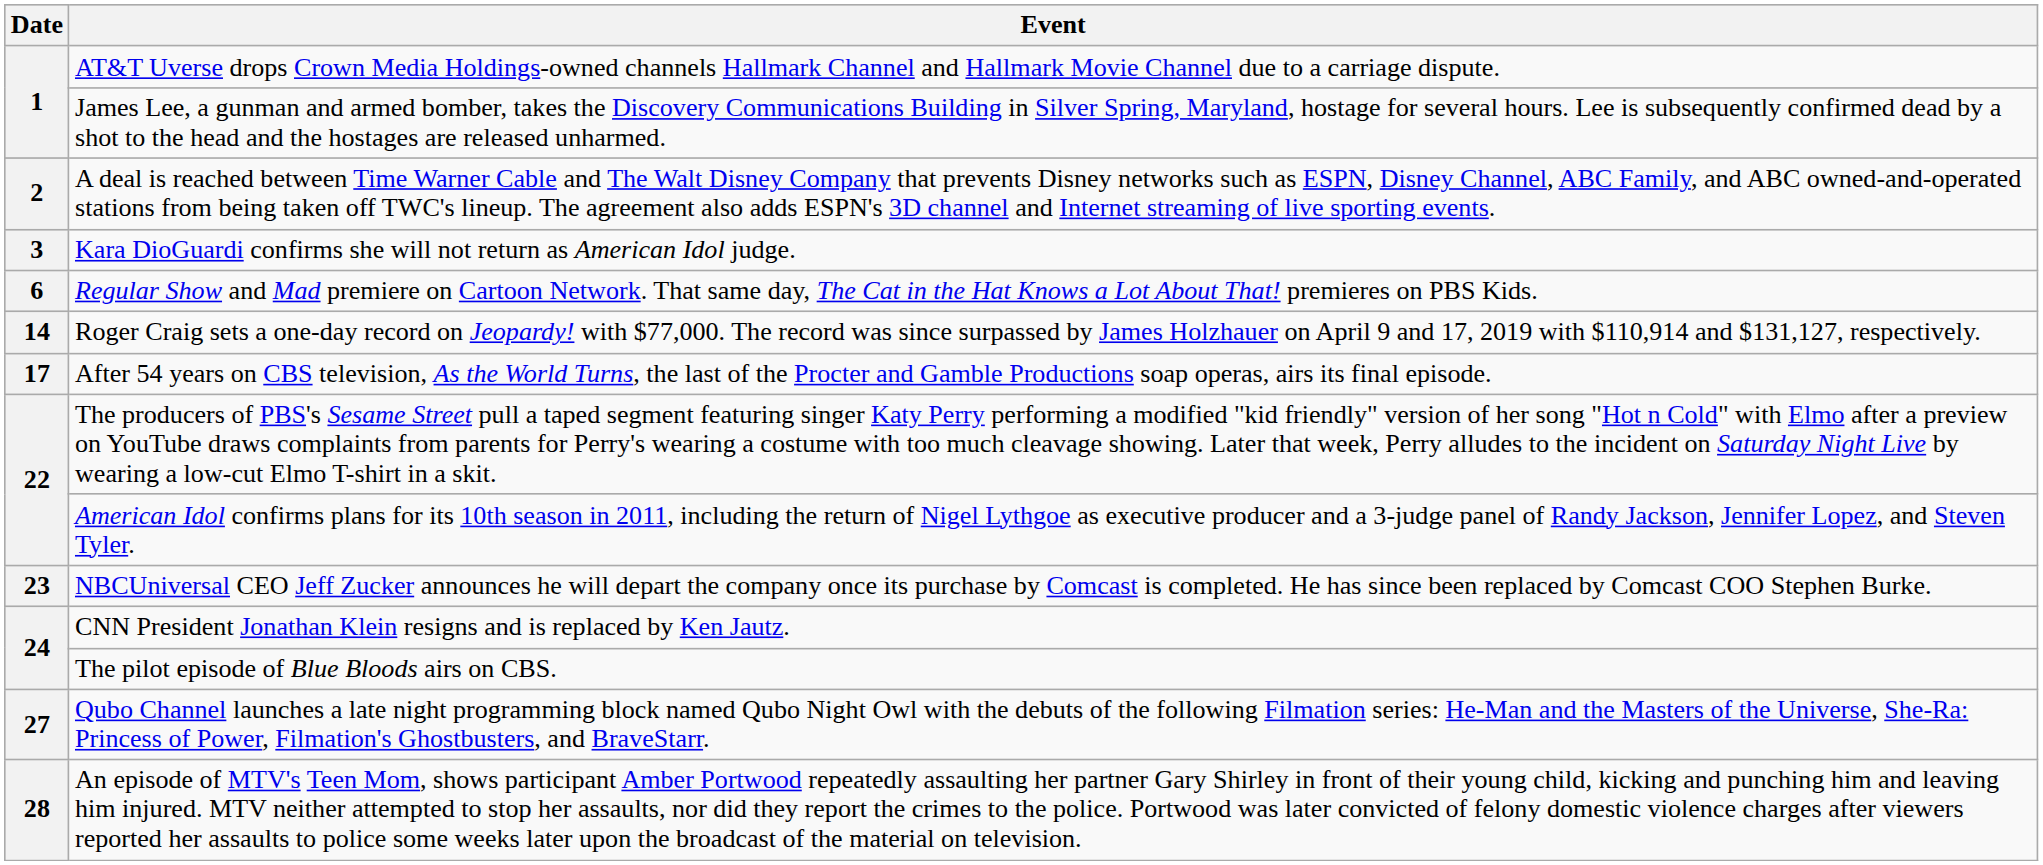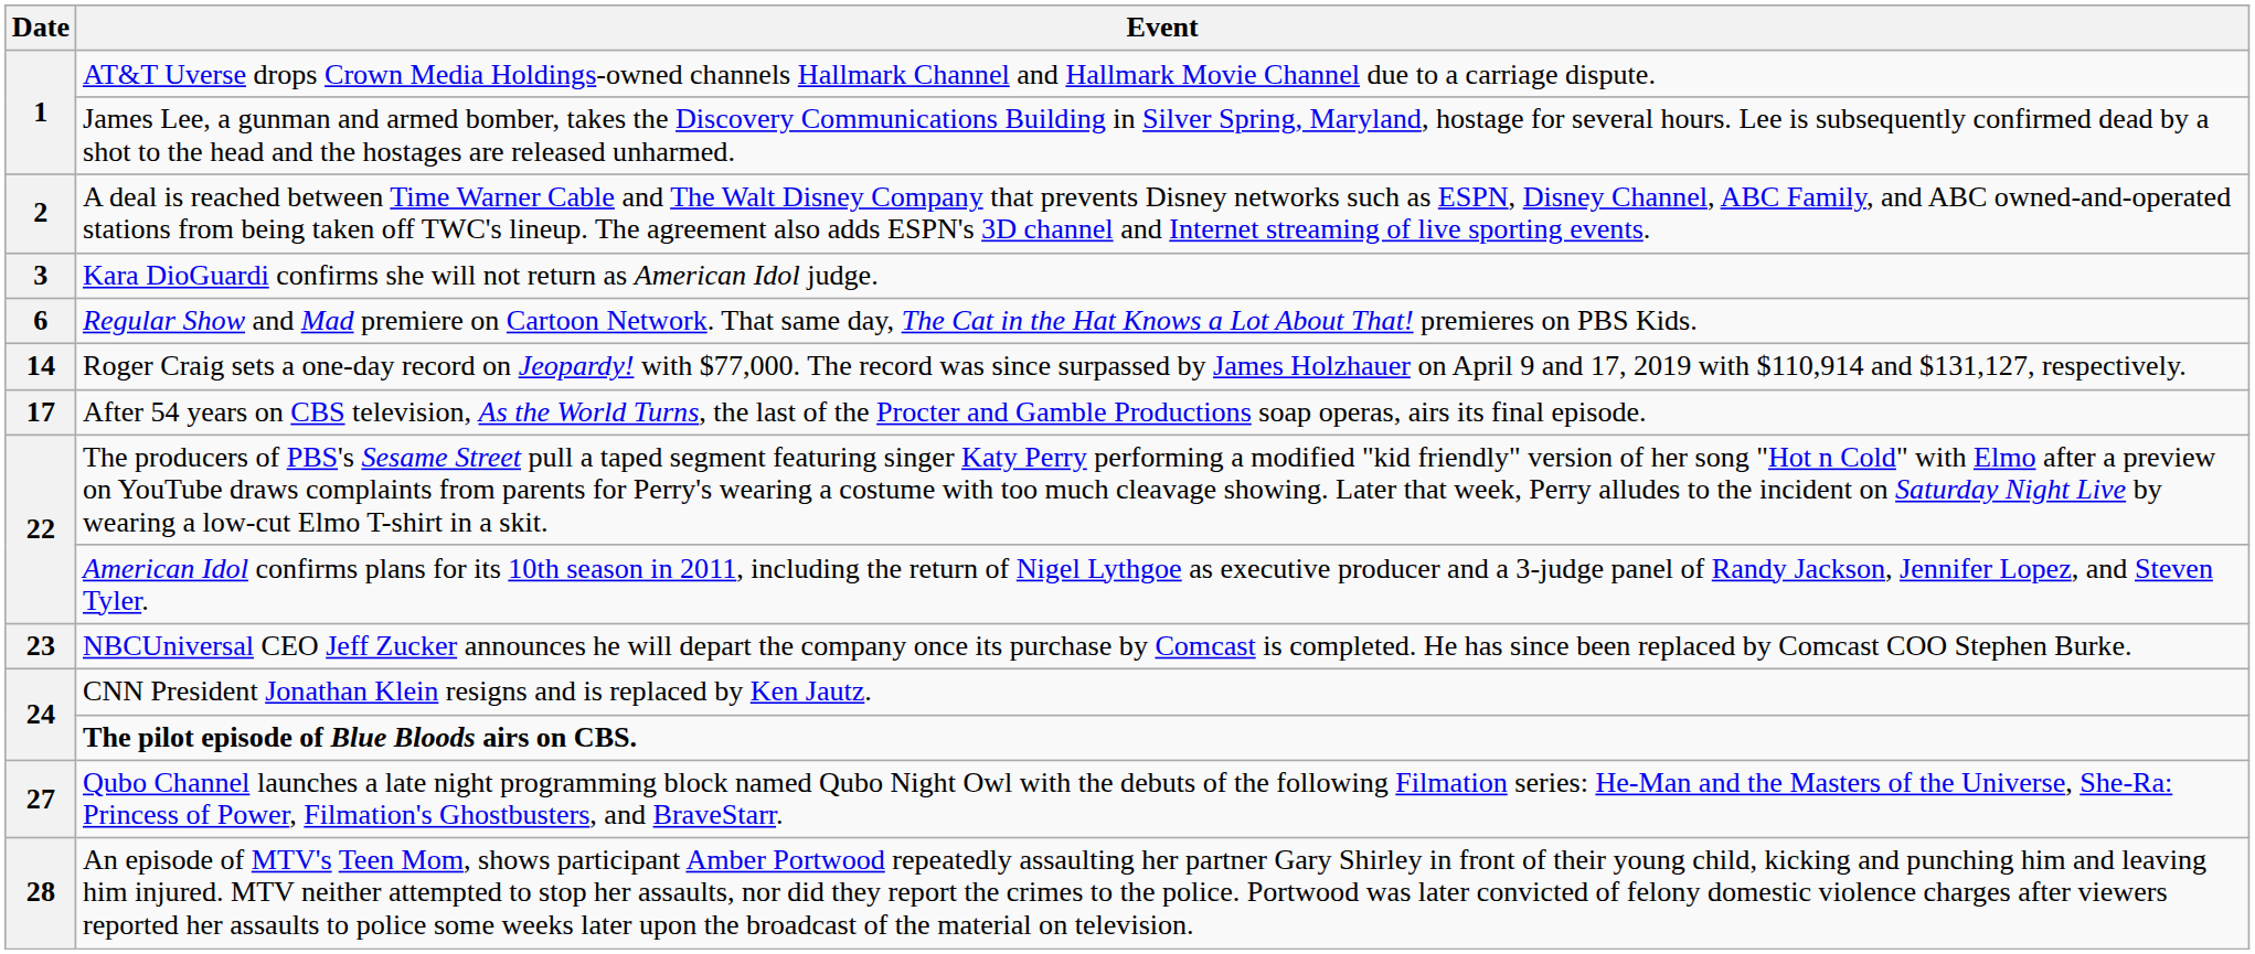 <table class="wikitable">
 <tr>
 <th>Date</th>
 <th>Event</th>
 </tr>
 <tr>
 <th style="text-align:center;" rowspan="2"><strong>1</strong></th>
 <td><a href='#'>AT&T Uverse</a> drops <a href='#'>Crown Media Holdings</a>-owned channels <a href='#'>Hallmark Channel</a> and <a href='#'>Hallmark Movie Channel</a> due to a carriage dispute.</td>
 </tr>
 <tr>
 <td>James Lee, a gunman and armed bomber, takes the <a href='#'>Discovery Communications Building</a> in <a href='#'>Silver Spring, Maryland</a>, hostage for several hours. Lee is subsequently confirmed dead by a shot to the head and the hostages are released unharmed.</td>
 </tr>
 <tr>
 <th style="text-align:center;"><strong>2</strong></th>
 <td>A deal is reached between <a href='#'>Time Warner Cable</a> and <a href='#'>The Walt Disney Company</a> that prevents Disney networks such as <a href='#'>ESPN</a>, <a href='#'>Disney Channel</a>, <a href='#'>ABC Family</a>, and ABC owned-and-operated stations from being taken off TWC's lineup. The agreement also adds ESPN's <a href='#'>3D channel</a> and <a href='#'>Internet streaming of live sporting events</a>.</td>
 </tr>
 <tr>
 <th style="text-align:center;"><strong>3</strong></th>
 <td><a href='#'>Kara DioGuardi</a> confirms she will not return as <em>American Idol</em> judge.</td>
 </tr>
 <tr>
 <th style="text-align:center;"><strong>6</strong></th>
 <td><em><a href='#'>Regular Show</a></em> and <em><a href='#'>Mad</a></em> premiere on <a href='#'>Cartoon Network</a>. That same day, <em><a href='#'>The Cat in the Hat Knows a Lot About That!</a></em> premieres on PBS Kids.</td>
 </tr>
 <tr>
 <th style="text-align:center;"><strong>14</strong></th>
 <td>Roger Craig sets a one-day record on <em><a href='#'>Jeopardy!</a></em> with $77,000. The record was since surpassed by <a href='#'>James Holzhauer</a> on April 9 and 17, 2019 with $110,914 and $131,127, respectively.</td>
 </tr>
 <tr>
 <th style="text-align:center;"><strong>17</strong></th>
 <td>After 54 years on <a href='#'>CBS</a> television, <em><a href='#'>As the World Turns</a></em>, the last of the <a href='#'>Procter and Gamble Productions</a> soap operas, airs its final episode.</td>
 </tr>
 <tr>
 <th style="text-align:center;" rowspan="2"><strong>22</strong></th>
 <td>The producers of <a href='#'>PBS</a>'s <em><a href='#'>Sesame Street</a></em> pull a taped segment featuring singer <a href='#'>Katy Perry</a> performing a modified "kid friendly" version of her song "<a href='#'>Hot n Cold</a>" with <a href='#'>Elmo</a> after a preview on YouTube draws complaints from parents for Perry's wearing a costume with too much cleavage showing.  Later that week, Perry alludes to the incident on <em><a href='#'>Saturday Night Live</a></em> by wearing a low-cut Elmo T-shirt in a skit.</td>
 </tr>
 <tr>
 <td><em><a href='#'>American Idol</a></em> confirms plans for its <a href='#'>10th season in 2011</a>, including the return of <a href='#'>Nigel Lythgoe</a> as executive producer and a 3-judge panel of <a href='#'>Randy Jackson</a>, <a href='#'>Jennifer Lopez</a>, and <a href='#'>Steven Tyler</a>.</td>
 </tr>
 <tr>
 <th style="text-align:center;"><strong>23</strong></th>
 <td><a href='#'>NBCUniversal</a> CEO <a href='#'>Jeff Zucker</a> announces he will depart the company once its purchase by <a href='#'>Comcast</a> is completed. He has since been replaced by Comcast COO Stephen Burke.</td>
 </tr>
 <tr>
 <th style="text-align:center;" rowspan="2"><strong>24</strong></th>
 <td>CNN President <a href='#'>Jonathan Klein</a> resigns and is replaced by <a href='#'>Ken Jautz</a>.</td>
 </tr>
 <tr>
-<td>The pilot episode of <em>Blue Bloods</em> airs on CBS.</td>
+<td><strong>The pilot episode of <em>Blue Bloods</em> airs on CBS.</strong></td>
 </tr>
 <tr>
 <th style="text-align:center;"><strong>27</strong></th>
 <td><a href='#'>Qubo Channel</a> launches a late night programming block named Qubo Night Owl with the debuts of the following <a href='#'>Filmation</a> series: <a href='#'>He-Man and the Masters of the Universe</a>, <a href='#'>She-Ra: Princess of Power</a>, <a href='#'>Filmation's Ghostbusters</a>, and <a href='#'>BraveStarr</a>.</td>
 </tr>
 <tr>
 <th style="text-align:center;"><strong>28</strong></th>
 <td>An episode of <a href='#'>MTV's</a> <a href='#'>Teen Mom</a>, shows participant <a href='#'>Amber Portwood</a> repeatedly assaulting her partner Gary Shirley in front of their young child, kicking and punching him and leaving him injured. MTV neither attempted to stop her assaults, nor did they report the crimes to the police. Portwood was later convicted of felony domestic violence charges after viewers reported her assaults to police some weeks later upon the broadcast of the material on television.</td>
 </tr>
 </table>
